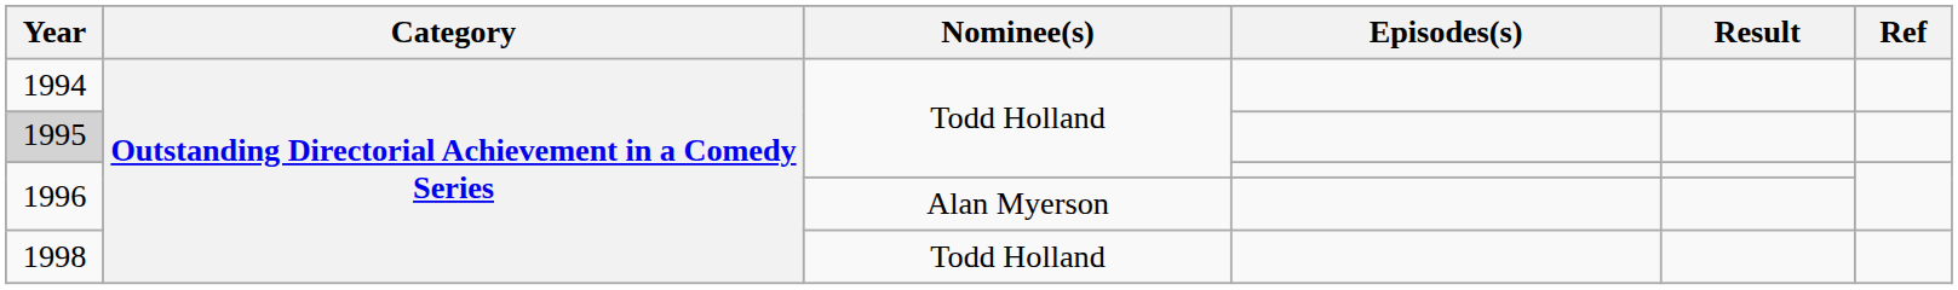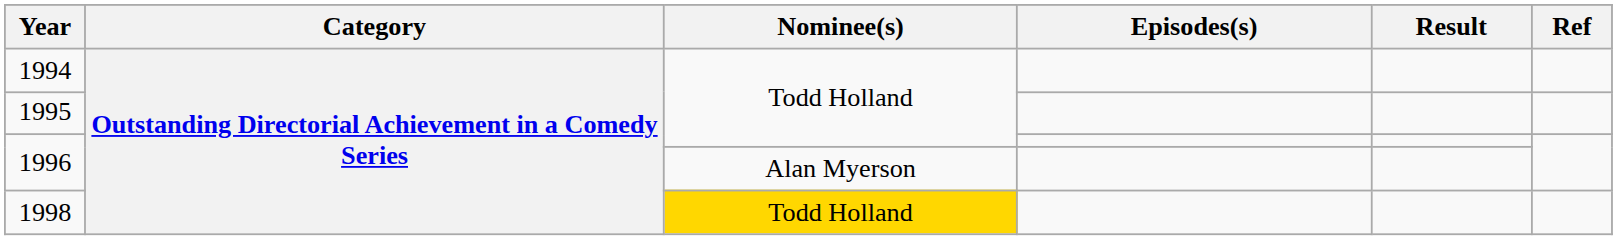 <table class="wikitable plainrowheaders" style="font-size: 90%; text-align:center" width=100%>
 <tr>
 <th scope="col" width="5%">Year</th>
 <th scope="col" width="36%">Category</th>
 <th scope="col" width="22%">Nominee(s)</th>
 <th scope="col" width="22%">Episodes(s)</th>
 <th scope="col" width="10%">Result</th>
 <th scope="col" width="5%">Ref</th>
 </tr>
 <tr>
 <td>1994</td>
 <th scope="row" style="text-align:center" rowspan="5"><a href='#'>Outstanding Directorial Achievement in a Comedy Series</a></th>
 <td rowspan="3">Todd Holland</td>
 <td></td>
 <td></td>
 <td></td>
 </tr>
 <tr>
-<td style="background: lightgrey;">1995</td>
+<td>1995</td>
 <td></td>
 <td></td>
 <td></td>
 </tr>
 <tr>
 <td rowspan="2">1996</td>
 <td></td>
 <td></td>
 <td rowspan="2"></td>
 </tr>
 <tr>
 <td>Alan Myerson</td>
 <td></td>
 <td></td>
 </tr>
 <tr>
 <td>1998</td>
-<td>Todd Holland</td>
+<td style="background: gold;">Todd Holland</td>
 <td></td>
 <td></td>
 <td></td>
 </tr>
 </table>
